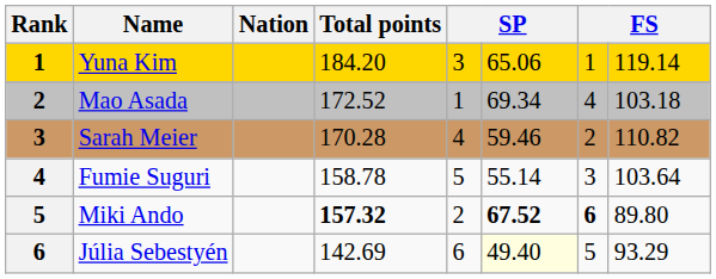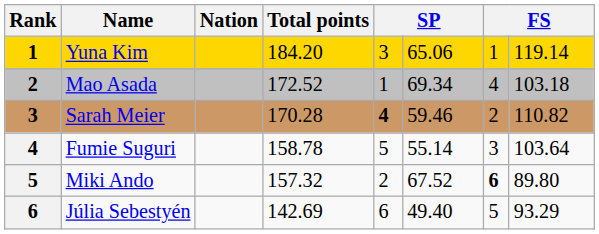 <table class="wikitable">
 <tr>
 <th>Rank</th>
 <th>Name</th>
 <th>Nation</th>
 <th>Total points</th>
 <th colspan="2" width="80px"><a href='#'>SP</a></th>
 <th colspan="2" width="80px"><a href='#'>FS</a></th>
 </tr>
 <tr bgcolor="gold">
 <td align="center"><strong>1</strong></td>
 <td><a href='#'>Yuna Kim</a></td>
 <td></td>
 <td>184.20</td>
 <td>3</td>
 <td>65.06</td>
 <td>1</td>
 <td>119.14</td>
 </tr>
 <tr bgcolor="silver">
 <td align="center"><strong>2</strong></td>
 <td><a href='#'>Mao Asada</a></td>
 <td></td>
 <td>172.52</td>
 <td>1</td>
 <td>69.34</td>
 <td>4</td>
 <td>103.18</td>
 </tr>
 <tr bgcolor="cc9966">
 <td align="center"><strong>3</strong></td>
 <td><a href='#'>Sarah Meier</a></td>
 <td></td>
 <td>170.28</td>
-<td>4</td>
+<td><strong>4</strong></td>
 <td>59.46</td>
 <td>2</td>
 <td>110.82</td>
 </tr>
 <tr>
 <th>4</th>
 <td><a href='#'>Fumie Suguri</a></td>
 <td></td>
 <td>158.78</td>
 <td>5</td>
 <td>55.14</td>
 <td>3</td>
 <td>103.64</td>
 </tr>
 <tr>
 <th>5</th>
 <td><a href='#'>Miki Ando</a></td>
 <td></td>
-<td><strong>157.32</strong></td>
+<td>157.32</td>
 <td>2</td>
-<td><strong>67.52</strong></td>
+<td>67.52</td>
 <td><strong>6</strong></td>
 <td>89.80</td>
 </tr>
 <tr>
 <th>6</th>
 <td><a href='#'>Júlia Sebestyén</a></td>
 <td></td>
 <td>142.69</td>
 <td>6</td>
-<td style="background: lightyellow;">49.40</td>
+<td>49.40</td>
 <td>5</td>
 <td>93.29</td>
 </tr>
 </table>
